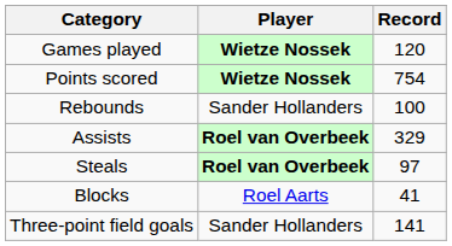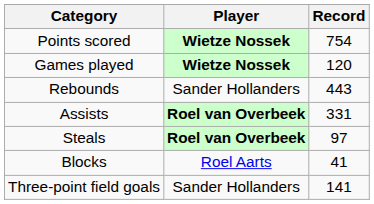 <table class="wikitable" style="text-align:center;">
 <tr>
 </tr>
 <tr>
 <th style="text-align:center; ">Category</th>
 <th style="text-align:center; ">Player</th>
 <th style="text-align:center; ">Record</th>
 </tr>
 <tr>
+<td>Points scored</td>
+<td bgcolor=#cfc><strong>Wietze Nossek</strong></td>
+<td>754</td>
+</tr>
+<tr>
 <td>Games played</td>
 <td bgcolor=#cfc><strong>Wietze Nossek</strong></td>
 <td>120</td>
 </tr>
 <tr>
-<td>Points scored</td>
-<td bgcolor=#cfc><strong>Wietze Nossek</strong></td>
-<td>754</td>
-</tr>
-<tr>
 <td>Rebounds</td>
 <td>Sander Hollanders</td>
-<td>100</td>
+<td>443</td>
 </tr>
 <tr>
 <td>Assists</td>
 <td bgcolor=#cfc><strong>Roel van Overbeek</strong></td>
-<td>329</td>
+<td>331</td>
 </tr>
 <tr>
 <td>Steals</td>
 <td bgcolor=#cfc><strong>Roel van Overbeek</strong></td>
 <td>97</td>
 </tr>
 <tr>
 <td>Blocks</td>
 <td><a href='#'>Roel Aarts</a></td>
 <td>41</td>
 </tr>
 <tr>
 <td>Three-point field goals</td>
 <td>Sander Hollanders</td>
 <td>141</td>
 </tr>
 </table>
